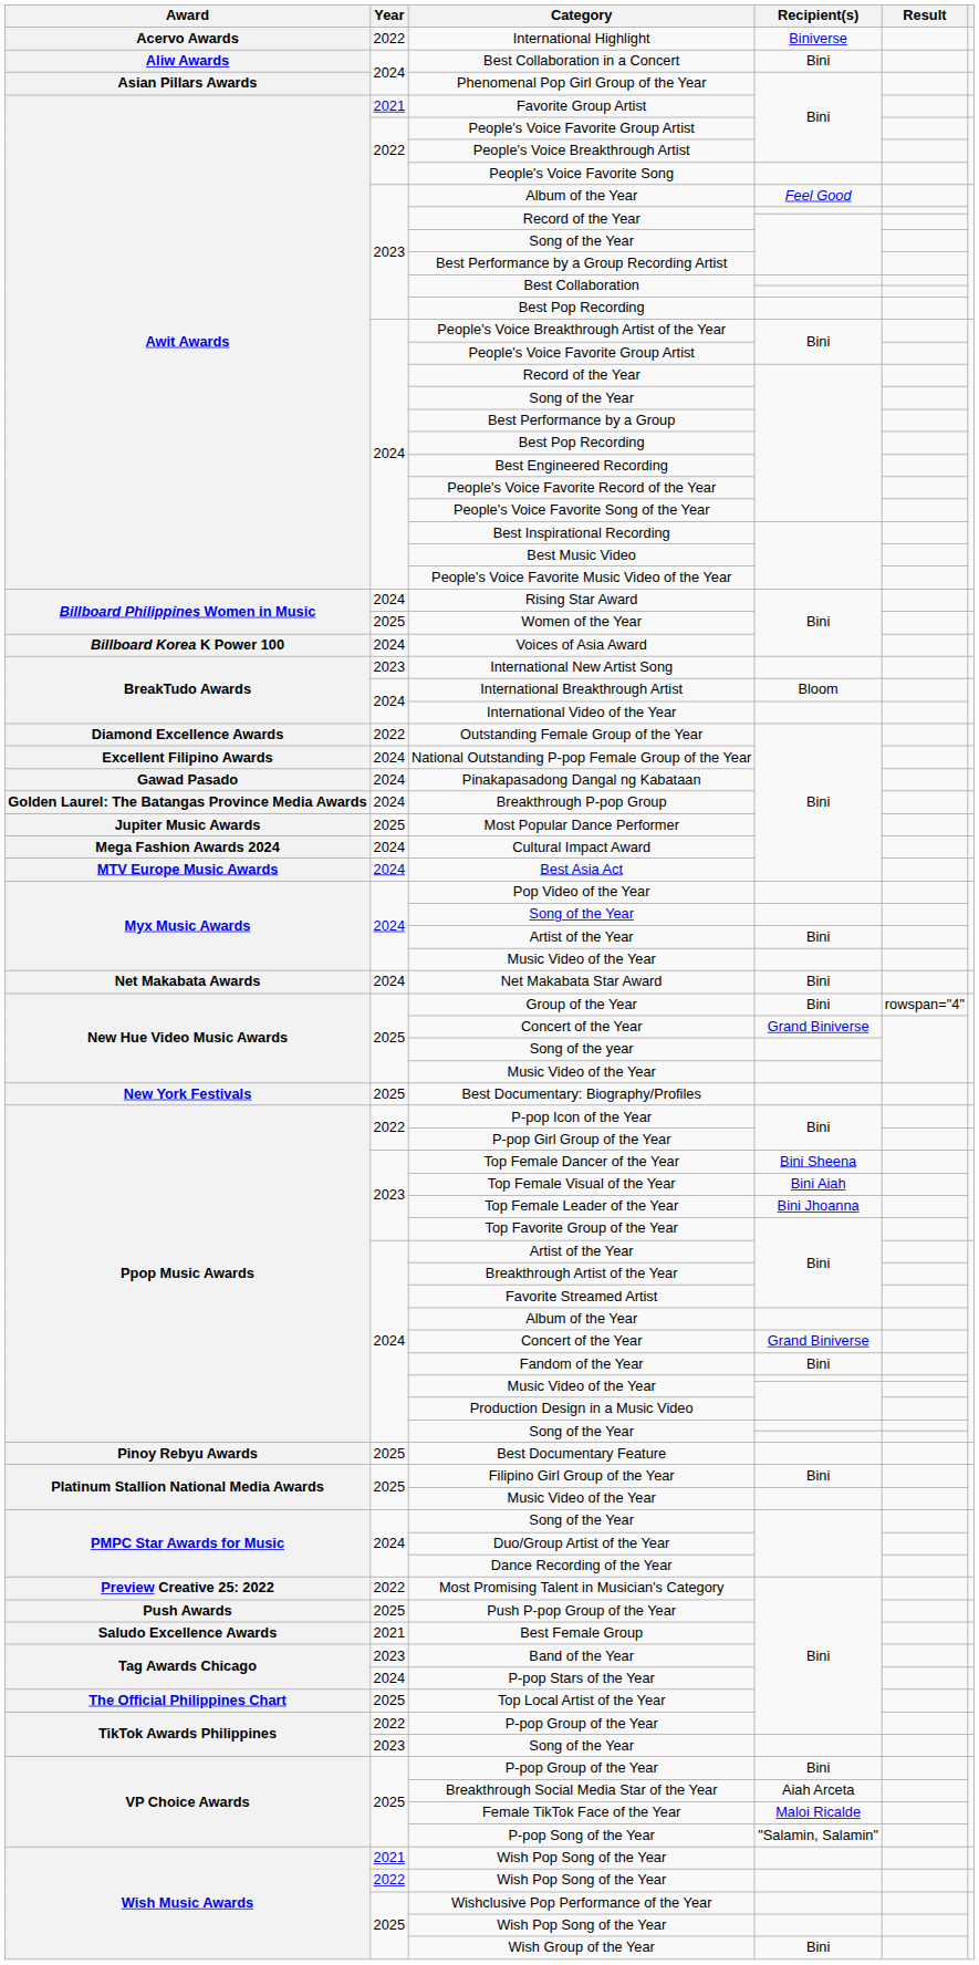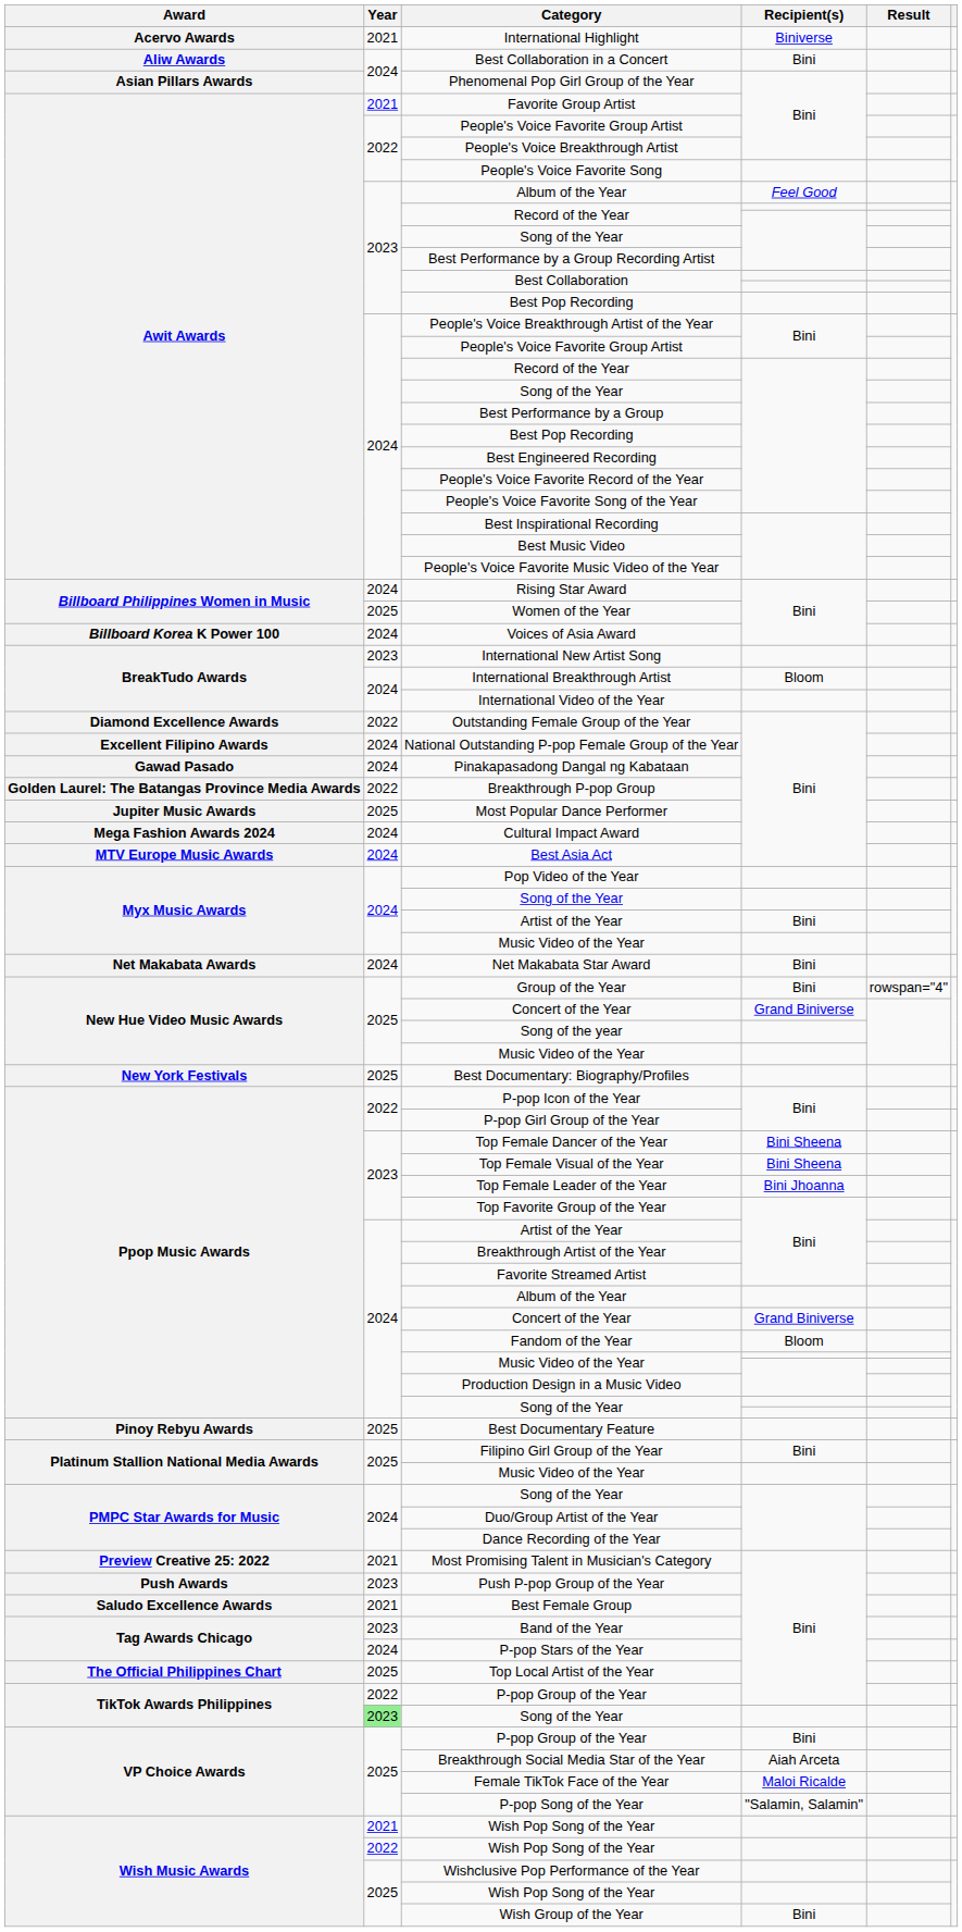 <table class="wikitable sortable plainrowheaders" style="text-align:center;">
 <tr>
 <th scope="col">Award</th>
 <th scope="col">Year</th>
 <th scope="col">Category</th>
 <th scope="col">Recipient(s)</th>
 <th scope="col">Result</th>
 <th scope="col" class="unsortable"></th>
 </tr>
 <tr>
 <th scope="row">Acervo Awards</th>
-<td>2022</td>
+<td>2021</td>
 <td>International Highlight</td>
 <td><a href='#'>Biniverse</a></td>
 <td></td>
 <td></td>
 </tr>
 <tr>
 <th scope="row"><a href='#'>Aliw Awards</a></th>
 <td rowspan="2">2024</td>
 <td>Best Collaboration in a Concert</td>
 <td>Bini</td>
 <td></td>
 <td></td>
 </tr>
 <tr>
 <th scope="row">Asian Pillars Awards</th>
 <td>Phenomenal Pop Girl Group of the Year</td>
 <td rowspan="4">Bini</td>
 <td></td>
 <td></td>
 </tr>
 <tr>
 <th rowspan="24" scope="rowgroup"><a href='#'>Awit Awards</a></th>
 <td><a href='#'>2021</a></td>
 <td align="center">Favorite Group Artist</td>
 <td></td>
 <td style="text-align:center"></td>
 </tr>
 <tr>
 <td rowspan="3">2022</td>
 <td>People's Voice Favorite Group Artist</td>
 <td></td>
 <td rowspan="3"></td>
 </tr>
 <tr>
 <td>People's Voice Breakthrough Artist</td>
 <td></td>
 </tr>
 <tr>
 <td>People's Voice Favorite Song</td>
 <td></td>
 <td></td>
 </tr>
 <tr>
 <td rowspan="8">2023</td>
 <td>Album of the Year</td>
 <td><em><a href='#'>Feel Good</a></em></td>
 <td></td>
 <td rowspan="8"></td>
 </tr>
 <tr>
 <td rowspan="2">Record of the Year</td>
 <td></td>
 <td></td>
 </tr>
 <tr>
 <td rowspan="3"></td>
 <td></td>
 </tr>
 <tr>
 <td>Song of the Year</td>
 <td></td>
 </tr>
 <tr>
 <td>Best Performance by a Group Recording Artist</td>
 <td></td>
 </tr>
 <tr>
 <td rowspan="2">Best Collaboration</td>
 <td></td>
 <td></td>
 </tr>
 <tr>
 <td></td>
 <td></td>
 </tr>
 <tr>
 <td>Best Pop Recording</td>
 <td></td>
 <td></td>
 </tr>
 <tr>
 <td rowspan="12">2024</td>
 <td>People's Voice Breakthrough Artist of the Year</td>
 <td rowspan="2">Bini</td>
 <td></td>
 <td rowspan="12"></td>
 </tr>
 <tr>
 <td>People's Voice Favorite Group Artist</td>
 <td></td>
 </tr>
 <tr>
 <td>Record of the Year</td>
 <td rowspan="7"></td>
 <td></td>
 </tr>
 <tr>
 <td>Song of the Year</td>
 <td></td>
 </tr>
 <tr>
 <td>Best Performance by a Group</td>
 <td></td>
 </tr>
 <tr>
 <td>Best Pop Recording</td>
 <td></td>
 </tr>
 <tr>
 <td>Best Engineered Recording</td>
 <td></td>
 </tr>
 <tr>
 <td>People's Voice Favorite Record of the Year</td>
 <td></td>
 </tr>
 <tr>
 <td>People's Voice Favorite Song of the Year</td>
 <td></td>
 </tr>
 <tr>
 <td>Best Inspirational Recording</td>
 <td rowspan="3"></td>
 <td></td>
 </tr>
 <tr>
 <td>Best Music Video</td>
 <td></td>
 </tr>
 <tr>
 <td>People's Voice Favorite Music Video of the Year</td>
 <td></td>
 </tr>
 <tr>
 <th rowspan="2" scope="row"><a href='#'><em>Billboard Philippines</em> Women in Music</a></th>
 <td>2024</td>
 <td>Rising Star Award</td>
 <td rowspan="3">Bini</td>
 <td></td>
 <td></td>
 </tr>
 <tr>
 <td>2025</td>
 <td>Women of the Year</td>
 <td></td>
 <td></td>
 </tr>
 <tr>
 <th scope="row"><em>Billboard Korea</em> K Power 100</th>
 <td>2024</td>
 <td>Voices of Asia Award</td>
 <td></td>
 <td></td>
 </tr>
 <tr>
 <th rowspan="3" scope="rowgroup">BreakTudo Awards</th>
 <td>2023</td>
 <td>International New Artist Song</td>
 <td></td>
 <td></td>
 <td></td>
 </tr>
 <tr>
 <td rowspan="2">2024</td>
 <td>International Breakthrough Artist</td>
 <td align="center">Bloom</td>
 <td></td>
 <td rowspan="2"></td>
 </tr>
 <tr>
 <td>International Video of the Year</td>
 <td></td>
 <td></td>
 </tr>
 <tr>
 <th scope="row">Diamond Excellence Awards</th>
 <td>2022</td>
 <td>Outstanding Female Group of the Year</td>
 <td rowspan="7">Bini</td>
 <td></td>
 <td></td>
 </tr>
 <tr>
 <th scope="row">Excellent Filipino Awards</th>
 <td>2024</td>
 <td>National Outstanding P-pop Female Group of the Year</td>
 <td></td>
 <td></td>
 </tr>
 <tr>
 <th scope="row">Gawad Pasado</th>
 <td>2024</td>
 <td>Pinakapasadong Dangal ng Kabataan</td>
 <td></td>
 <td></td>
 </tr>
 <tr>
 <th scope="row">Golden Laurel: The Batangas Province Media Awards</th>
-<td>2024</td>
+<td>2022</td>
 <td>Breakthrough P-pop Group</td>
 <td></td>
 <td></td>
 </tr>
 <tr>
 <th scope="row">Jupiter Music Awards</th>
 <td>2025</td>
 <td>Most Popular Dance Performer</td>
 <td></td>
 <td></td>
 </tr>
 <tr>
 <th scope="row">Mega Fashion Awards 2024</th>
 <td>2024</td>
 <td>Cultural Impact Award</td>
 <td></td>
 <td></td>
 </tr>
 <tr>
 <th scope="row"><a href='#'>MTV Europe Music Awards</a></th>
 <td><a href='#'>2024</a></td>
 <td><a href='#'>Best Asia Act</a></td>
 <td></td>
 <td></td>
 </tr>
 <tr>
 <th scope="rowgroup" rowspan="4"><a href='#'>Myx Music Awards</a></th>
 <td rowspan="4"><a href='#'>2024</a></td>
 <td>Pop Video of the Year</td>
 <td></td>
 <td></td>
 <td rowspan="4"></td>
 </tr>
 <tr>
 <td><a href='#'>Song of the Year</a></td>
 <td></td>
 <td></td>
 </tr>
 <tr>
 <td>Artist of the Year</td>
 <td>Bini</td>
 <td></td>
 </tr>
 <tr>
 <td>Music Video of the Year</td>
 <td></td>
 <td></td>
 </tr>
 <tr>
 <th scope="row">Net Makabata Awards</th>
 <td>2024</td>
 <td>Net Makabata Star Award</td>
 <td>Bini</td>
 <td></td>
 <td></td>
 </tr>
 <tr>
 <th scope="rowgroup" rowspan="4">New Hue Video Music Awards</th>
 <td rowspan="4">2025</td>
 <td>Group of the Year</td>
 <td>Bini</td>
 <td>rowspan="4" </td>
 <td rowspan="4"></td>
 </tr>
 <tr>
 <td>Concert of the Year</td>
 <td align="center"><a href='#'>Grand Biniverse</a></td>
 </tr>
 <tr>
 <td>Song of the year</td>
 <td align="center"></td>
 </tr>
 <tr>
 <td>Music Video of the Year</td>
 <td align="center"></td>
 </tr>
 <tr>
 <th scope="row"><a href='#'>New York Festivals</a></th>
 <td>2025</td>
 <td>Best Documentary: Biography/Profiles</td>
 <td></td>
 <td></td>
 <td></td>
 </tr>
 <tr>
 <th rowspan="17" scope="rowgroup">Ppop Music Awards</th>
 <td rowspan="2">2022</td>
 <td align="center">P-pop Icon of the Year</td>
 <td rowspan="2">Bini</td>
 <td></td>
 <td></td>
 </tr>
 <tr>
 <td align="center">P-pop Girl Group of the Year</td>
 <td></td>
 <td></td>
 </tr>
 <tr>
 <td rowspan="4">2023</td>
 <td align="center">Top Female Dancer of the Year</td>
 <td align="center"><a href='#'>Bini Sheena</a></td>
 <td></td>
 <td rowspan="4"></td>
 </tr>
 <tr>
 <td align="center">Top Female Visual of the Year</td>
-<td align=center><a href='#'>Bini Aiah</a></td>
+<td align="center"><a href='#'>Bini Sheena</a></td>
 <td></td>
 </tr>
 <tr>
 <td align="center">Top Female Leader of the Year</td>
 <td align=center><a href='#'>Bini Jhoanna</a></td>
 <td></td>
 </tr>
 <tr>
 <td align="center">Top Favorite Group of the Year</td>
 <td rowspan="4" align="center">Bini</td>
 <td></td>
 </tr>
 <tr>
 <td rowspan="11">2024</td>
 <td align="center">Artist of the Year</td>
 <td></td>
 <td rowspan="11"></td>
 </tr>
 <tr>
 <td align="center">Breakthrough Artist of the Year</td>
 <td></td>
 </tr>
 <tr>
 <td align="center">Favorite Streamed Artist</td>
 <td></td>
 </tr>
 <tr>
 <td align="center">Album of the Year</td>
 <td align="center"></td>
 <td></td>
 </tr>
 <tr>
 <td align="center">Concert of the Year</td>
 <td align="center"><a href='#'>Grand Biniverse</a></td>
 <td></td>
 </tr>
 <tr>
 <td align="center">Fandom of the Year</td>
-<td>Bini</td>
+<td align="center">Bloom</td>
 <td></td>
 </tr>
 <tr>
 <td rowspan="2" align="center">Music Video of the Year</td>
 <td align="center"></td>
 <td></td>
 </tr>
 <tr>
 <td rowspan="2" align="center"></td>
 <td></td>
 </tr>
 <tr>
 <td align="center">Production Design in a Music Video</td>
 <td></td>
 </tr>
 <tr>
 <td rowspan="2" align="center">Song of the Year</td>
 <td align="center"></td>
 <td></td>
 </tr>
 <tr>
 <td align="center"></td>
 <td></td>
 </tr>
 <tr>
 <th scope="row">Pinoy Rebyu Awards</th>
 <td>2025</td>
 <td>Best Documentary Feature</td>
 <td></td>
 <td></td>
 <td></td>
 </tr>
 <tr>
 <th scope="row" rowspan="2">Platinum Stallion National Media Awards</th>
 <td rowspan="2">2025</td>
 <td>Filipino Girl Group of the Year</td>
 <td>Bini</td>
 <td></td>
 <td rowspan="2"></td>
 </tr>
 <tr>
 <td>Music Video of the Year</td>
 <td></td>
 <td></td>
 </tr>
 <tr>
 <th scope="rowgroup" rowspan="3"><a href='#'>PMPC Star Awards for Music</a></th>
 <td rowspan="3">2024</td>
 <td>Song of the Year</td>
 <td rowspan="3"></td>
 <td></td>
 <td rowspan="3"></td>
 </tr>
 <tr>
 <td>Duo/Group Artist of the Year</td>
 <td></td>
 </tr>
 <tr>
 <td>Dance Recording of the Year</td>
 <td></td>
 </tr>
 <tr>
 <th scope="row"><a href='#'>Preview</a> Creative 25: 2022</th>
-<td>2022</td>
+<td>2021</td>
 <td align="center">Most Promising Talent in Musician's Category</td>
 <td rowspan="7">Bini</td>
 <td></td>
 <td style="text-align:center"></td>
 </tr>
 <tr>
 <th scope="row">Push Awards</th>
-<td>2025</td>
+<td>2023</td>
 <td>Push P-pop Group of the Year</td>
 <td></td>
 <td></td>
 </tr>
 <tr>
 <th scope="row">Saludo Excellence Awards</th>
 <td>2021</td>
 <td>Best Female Group</td>
 <td></td>
 <td></td>
 </tr>
 <tr>
 <th scope="rowgroup" rowspan="2">Tag Awards Chicago</th>
 <td>2023</td>
 <td>Band of the Year</td>
 <td></td>
 <td></td>
 </tr>
 <tr>
 <td>2024</td>
 <td>P-pop Stars of the Year</td>
 <td></td>
 <td></td>
 </tr>
 <tr>
 <th scope="rowgroup"><a href='#'>The Official Philippines Chart</a></th>
 <td>2025</td>
 <td>Top Local Artist of the Year</td>
 <td></td>
 <td></td>
 </tr>
 <tr>
 <th scope="rowgroup" rowspan="2">TikTok Awards Philippines</th>
 <td>2022</td>
 <td>P-pop Group of the Year</td>
 <td></td>
 <td></td>
 </tr>
 <tr>
-<td>2023</td>
+<td style="background: lightgreen;">2023</td>
 <td align="center">Song of the Year</td>
 <td align=center></td>
 <td></td>
 <td></td>
 </tr>
 <tr>
 <th rowspan="4" scope="rowgroup">VP Choice Awards</th>
 <td rowspan="4">2025</td>
 <td align="center">P-pop Group of the Year</td>
 <td align="center">Bini</td>
 <td></td>
 <td rowspan="4"></td>
 </tr>
 <tr>
 <td align="center">Breakthrough Social Media Star of the Year</td>
 <td align="center">Aiah Arceta</td>
 <td></td>
 </tr>
 <tr>
 <td align="center">Female TikTok Face of the Year</td>
 <td align="center"><a href='#'>Maloi Ricalde</a></td>
 <td></td>
 </tr>
 <tr>
 <td align="center">P-pop Song of the Year</td>
 <td align="center">"Salamin, Salamin"</td>
 <td></td>
 </tr>
 <tr>
 <th scope="rowgroup" rowspan="5"><a href='#'>Wish Music Awards</a></th>
 <td><a href='#'>2021</a></td>
 <td>Wish Pop Song of the Year</td>
 <td></td>
 <td></td>
 <td></td>
 </tr>
 <tr>
 <td><a href='#'>2022</a></td>
 <td align="center">Wish Pop Song of the Year</td>
 <td></td>
 <td></td>
 <td style="text-align:center;"></td>
 </tr>
 <tr>
 <td rowspan="3">2025</td>
 <td align="center">Wishclusive Pop Performance of the Year</td>
 <td></td>
 <td></td>
 <td rowspan="3"></td>
 </tr>
 <tr>
 <td>Wish Pop Song of the Year</td>
 <td></td>
 <td></td>
 </tr>
 <tr>
 <td>Wish Group of the Year</td>
 <td>Bini</td>
 <td></td>
 </tr>
 </table>
